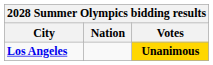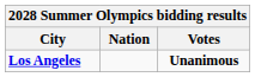 <table class="wikitable">
 <tr>
 <th colspan="7">2028 Summer Olympics bidding results</th>
 </tr>
 <tr>
 <th>City</th>
 <th>Nation</th>
 <th>Votes</th>
 </tr>
 <tr>
 <td><strong><a href='#'>Los Angeles</a></strong></td>
 <td><strong></strong></td>
-<td align=center style="background: gold;"><strong>Unanimous</strong></td>
+<td align=center><strong>Unanimous</strong></td>
 </tr>
 </table>
